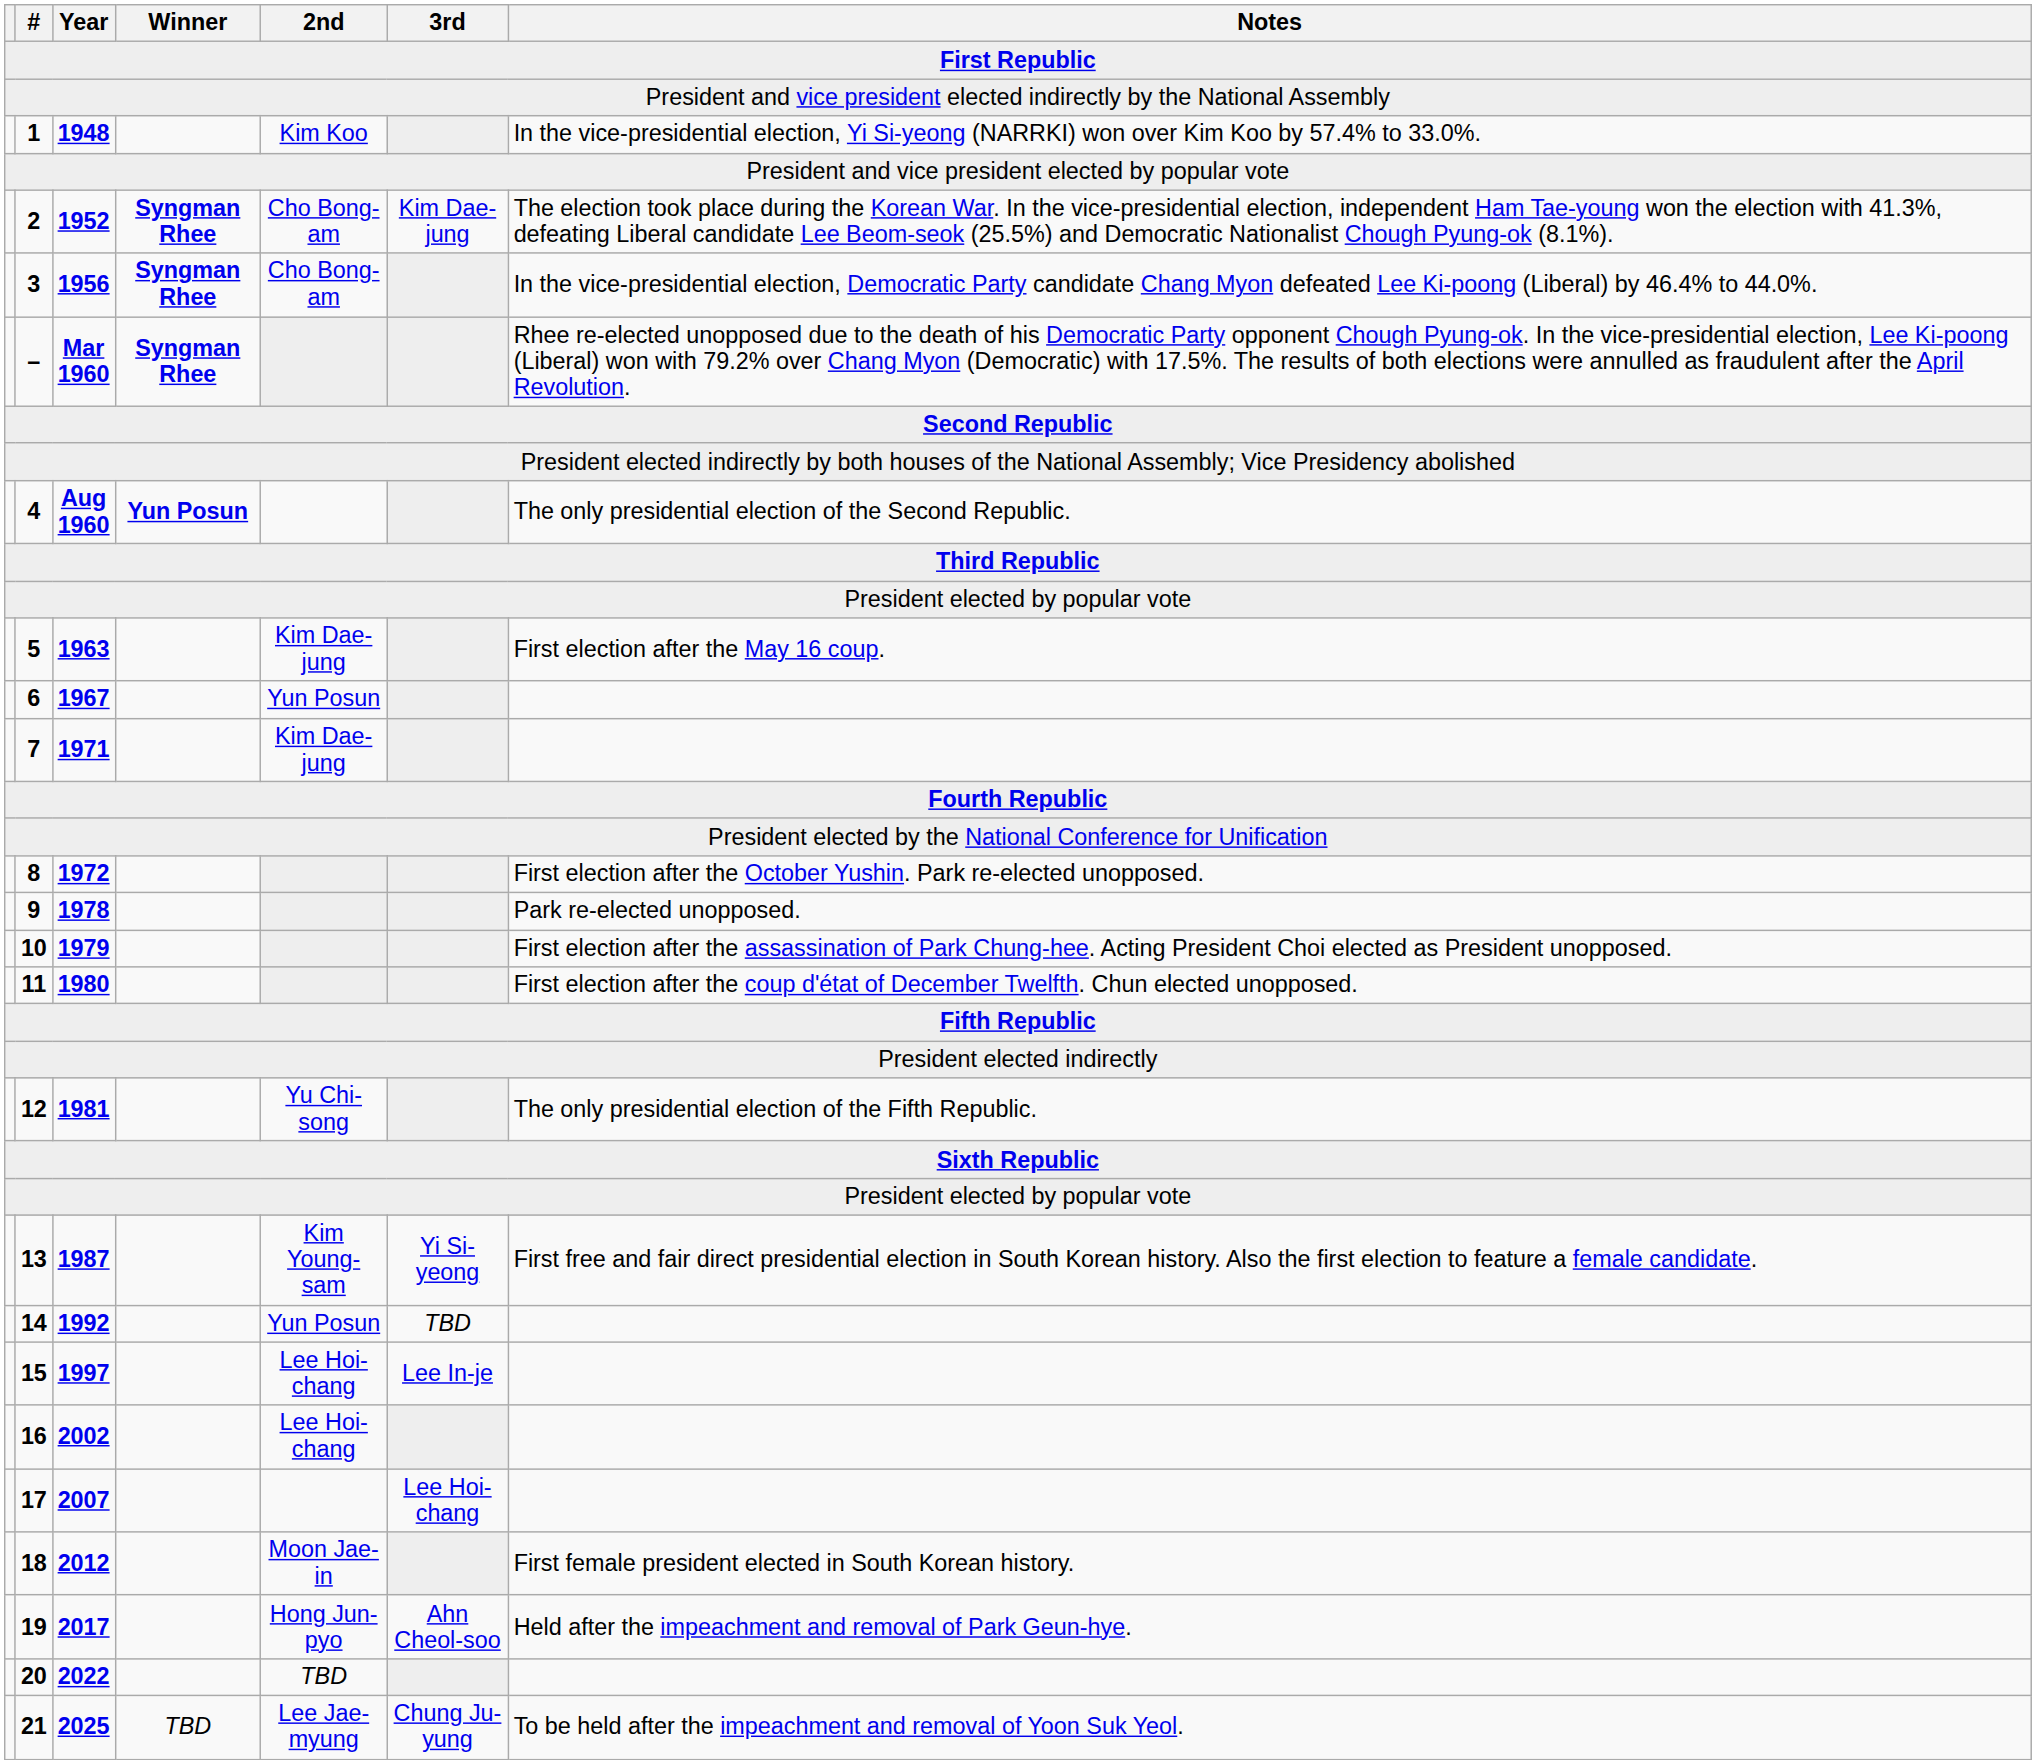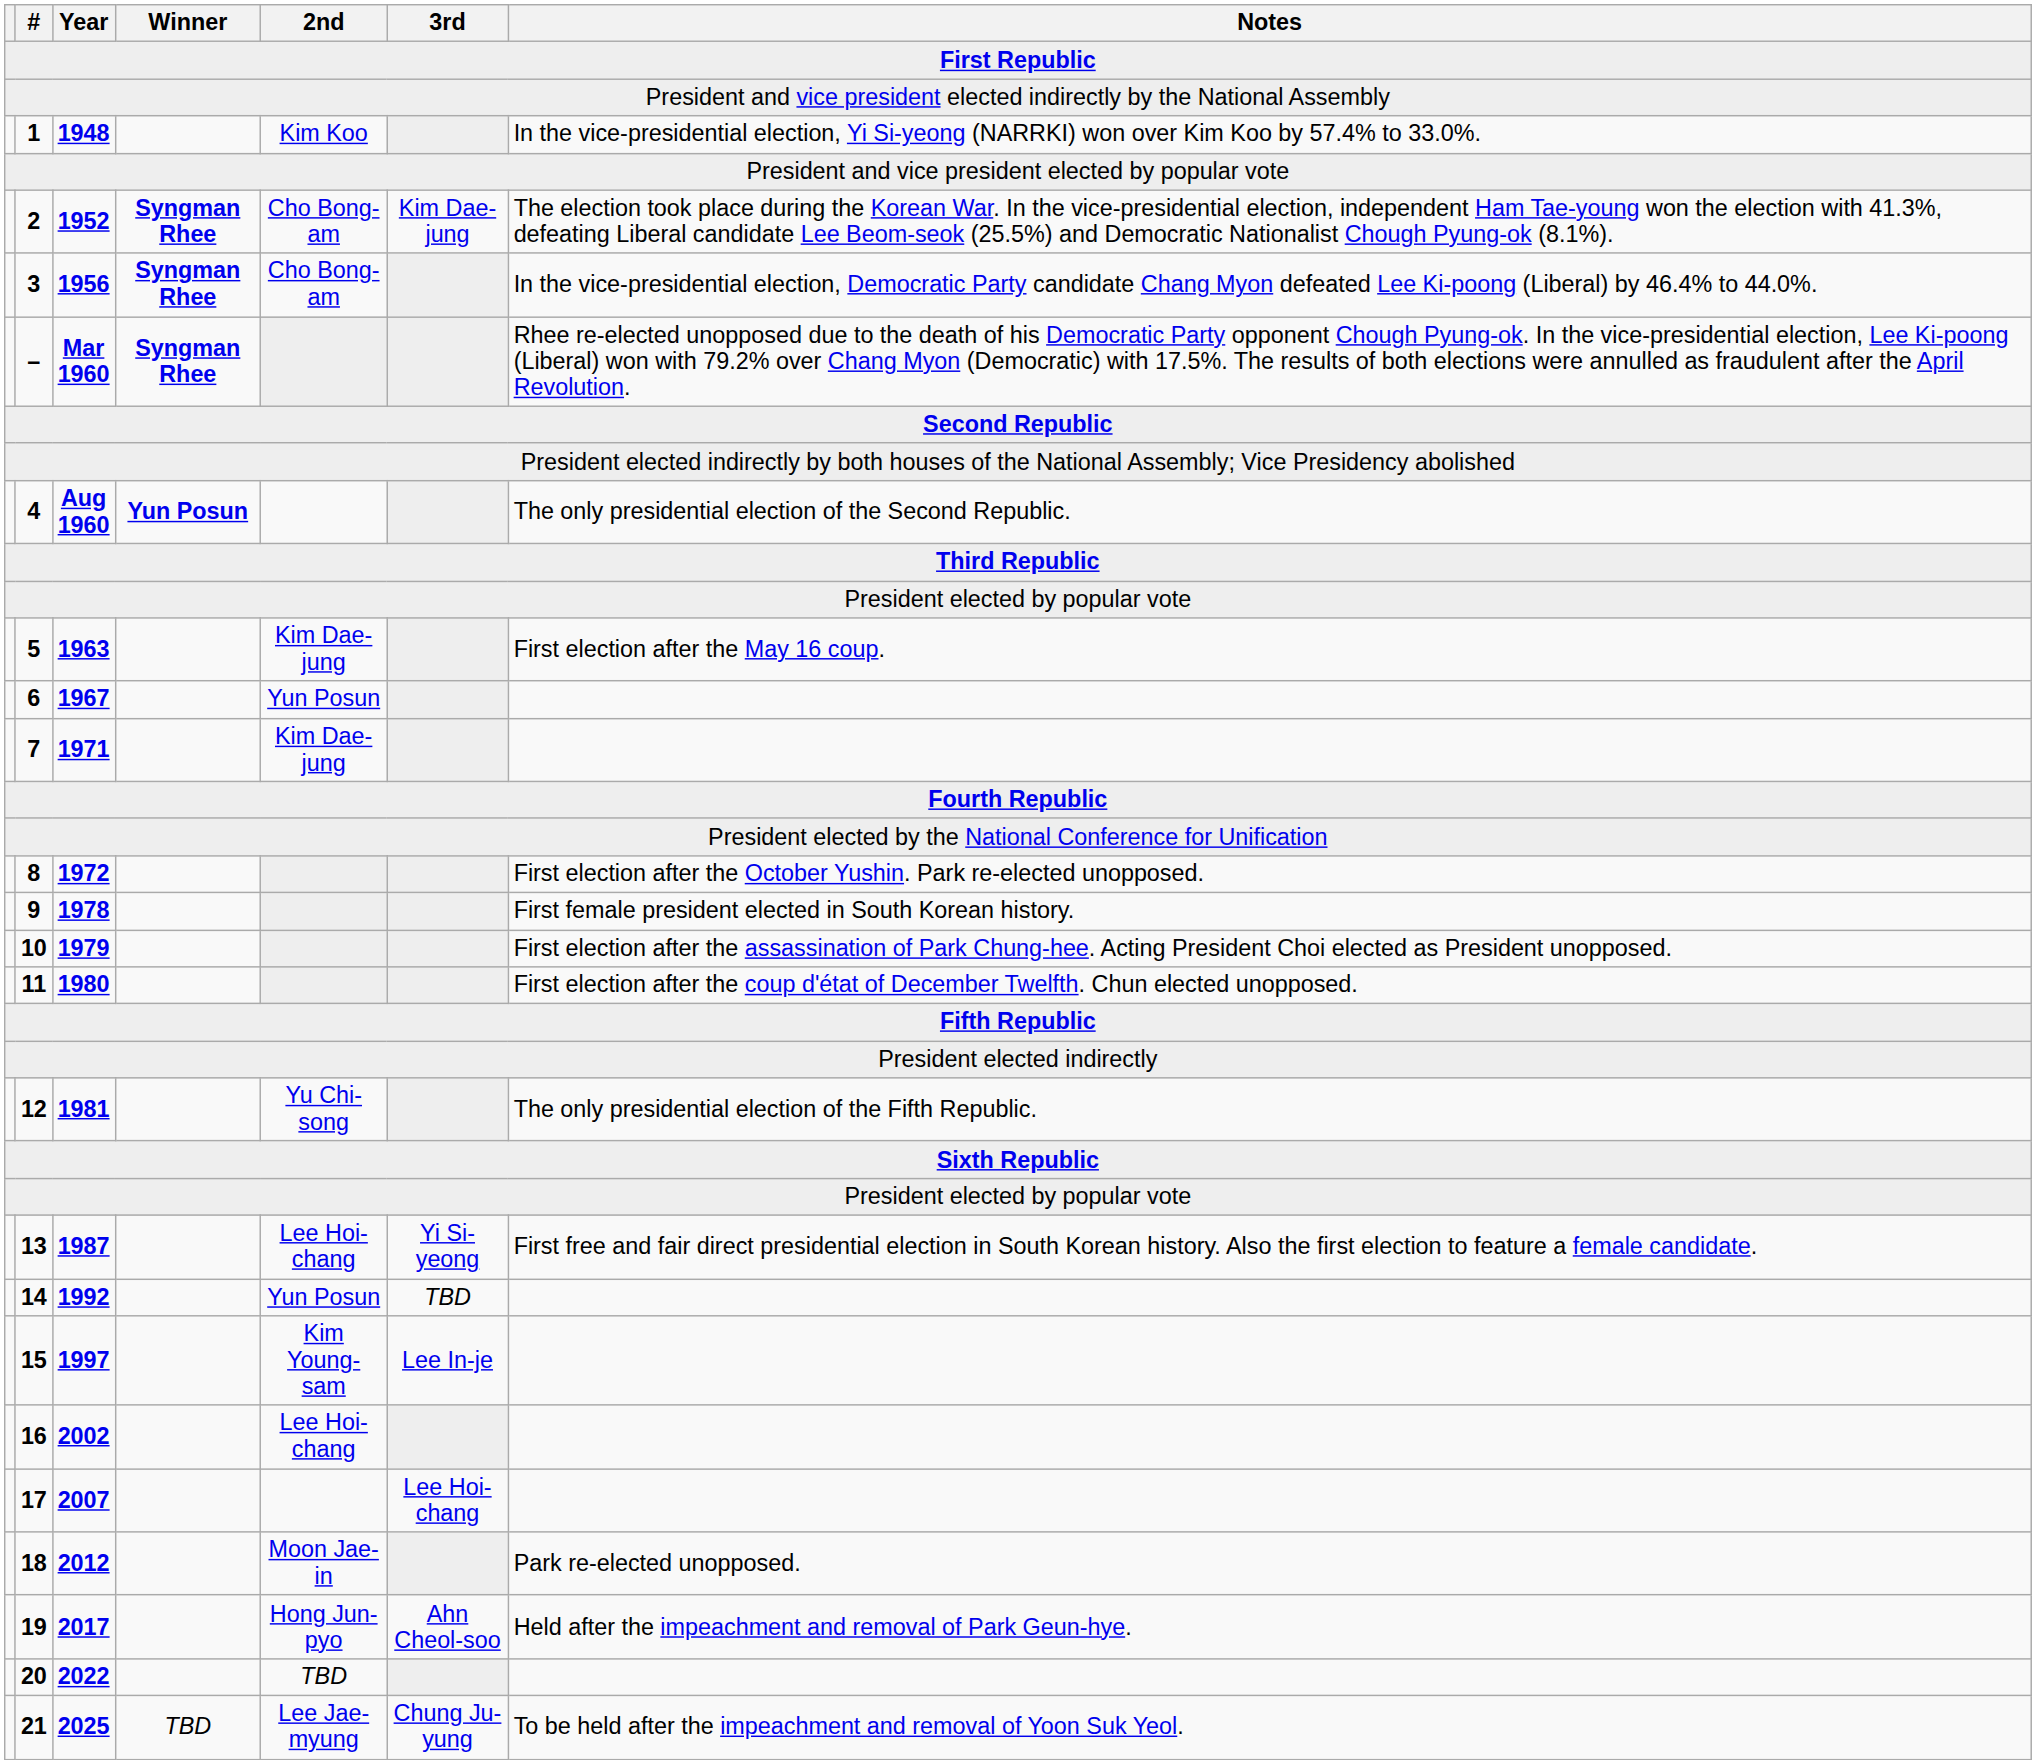 <table class="wikitable" style="text-align: center; width: 70%;">
 <tr>
 <th></th>
 <th>#</th>
 <th>Year</th>
 <th>Winner</th>
 <th>2nd</th>
 <th>3rd</th>
 <th>Notes</th>
 </tr>
 <tr>
 <td colspan="7" style="background-color: #eee;"><strong><a href='#'>First Republic</a></strong></td>
 </tr>
 <tr>
 <td colspan="7" style="background-color: #eee;"><span>President and <a href='#'>vice president</a> elected indirectly by the National Assembly</span></td>
 </tr>
 <tr>
 <td style="background-color:"></td>
 <td><strong>1</strong></td>
 <td><strong><a href='#'>1948</a></strong></td>
 <td><br></td>
 <td><a href='#'>Kim Koo</a><br></td>
 <td style="background-color: #eee;"></td>
 <td style="text-align: left;">In the vice-presidential election, <a href='#'>Yi Si-yeong</a> (NARRKI) won over Kim Koo by 57.4% to 33.0%.</td>
 </tr>
 <tr>
 <td colspan="7" style="background-color: #eee;"><span>President and vice president elected by popular vote</span></td>
 </tr>
 <tr>
 <td style="background-color:"></td>
 <td><strong>2</strong></td>
 <td><strong><a href='#'>1952</a></strong></td>
 <td><strong><a href='#'>Syngman Rhee</a></strong><br></td>
 <td><a href='#'>Cho Bong-am</a><br></td>
 <td><a href='#'>Kim Dae-jung</a><br></td>
 <td style="text-align: left;">The election took place during the <a href='#'>Korean War</a>. In the vice-presidential election, independent <a href='#'>Ham Tae-young</a> won the election with 41.3%, defeating Liberal candidate <a href='#'>Lee Beom-seok</a> (25.5%) and Democratic Nationalist <a href='#'>Chough Pyung-ok</a> (8.1%).</td>
 </tr>
 <tr>
 <td style="background-color:"></td>
 <td><strong>3</strong></td>
 <td><strong><a href='#'>1956</a></strong></td>
 <td><strong><a href='#'>Syngman Rhee</a></strong><br></td>
 <td><a href='#'>Cho Bong-am</a><br></td>
 <td style="background-color: #eee;"></td>
 <td style="text-align: left;">In the vice-presidential election, <a href='#'>Democratic Party</a> candidate <a href='#'>Chang Myon</a> defeated <a href='#'>Lee Ki-poong</a> (Liberal) by 46.4% to 44.0%.</td>
 </tr>
 <tr>
 <td style="background-color:"></td>
 <td><strong>–</strong></td>
 <td><strong><a href='#'>Mar<br>1960</a></strong></td>
 <td><strong><a href='#'>Syngman Rhee</a></strong><br></td>
 <td style="background-color: #eee;"></td>
 <td style="background-color: #eee;"></td>
 <td style="text-align: left;">Rhee re-elected unopposed due to the death of his <a href='#'>Democratic Party</a> opponent <a href='#'>Chough Pyung-ok</a>. In the vice-presidential election, <a href='#'>Lee Ki-poong</a> (Liberal) won with 79.2% over <a href='#'>Chang Myon</a> (Democratic) with 17.5%. The results of both elections were annulled as fraudulent after the <a href='#'>April Revolution</a>.</td>
 </tr>
 <tr>
 <td colspan="7" style="background-color: #eee;"><strong><a href='#'>Second Republic</a></strong></td>
 </tr>
 <tr>
 <td colspan="7" style="background-color: #eee;"><span>President elected indirectly by both houses of the National Assembly; Vice Presidency abolished</span></td>
 </tr>
 <tr>
 <td style="background-color:"></td>
 <td><strong>4</strong></td>
 <td><strong><a href='#'>Aug<br>1960</a></strong></td>
 <td><strong><a href='#'>Yun Posun</a></strong><br></td>
 <td><br></td>
 <td style="background-color: #eee;"></td>
 <td style="text-align: left;">The only presidential election of the Second Republic.</td>
 </tr>
 <tr>
 <td colspan="7" style="background-color: #eee;"><strong><a href='#'>Third Republic</a></strong></td>
 </tr>
 <tr>
 <td colspan="7" style="background-color: #eee;"><span>President elected by popular vote</span></td>
 </tr>
 <tr>
 <td style="background-color:"></td>
 <td><strong>5</strong></td>
 <td><strong><a href='#'>1963</a></strong></td>
 <td><strong></strong><br></td>
 <td><a href='#'>Kim Dae-jung</a><br></td>
 <td style="background-color: #eee;"></td>
 <td style="text-align: left;">First election after the <a href='#'>May 16 coup</a>.</td>
 </tr>
 <tr>
 <td style="background-color:"></td>
 <td><strong>6</strong></td>
 <td><strong><a href='#'>1967</a></strong></td>
 <td><strong></strong><br></td>
 <td><a href='#'>Yun Posun</a><br></td>
 <td style="background-color: #eee;"></td>
 <td style="text-align: left;"></td>
 </tr>
 <tr>
 <td style="background-color:"></td>
 <td><strong>7</strong></td>
 <td><strong><a href='#'>1971</a></strong></td>
 <td><strong></strong><br></td>
 <td><a href='#'>Kim Dae-jung</a><br></td>
 <td style="background-color: #eee;"></td>
 <td style="text-align: left;"></td>
 </tr>
 <tr>
 <td colspan="7" style="background-color: #eee;"><strong><a href='#'>Fourth Republic</a></strong></td>
 </tr>
 <tr>
 <td colspan="7" style="background-color: #eee;"><span>President elected by the <a href='#'>National Conference for Unification</a></span></td>
 </tr>
 <tr>
 <td style="background-color:"></td>
 <td><strong>8</strong></td>
 <td><strong><a href='#'>1972</a></strong></td>
 <td><strong></strong><br></td>
 <td style="background-color: #eee;"></td>
 <td style="background-color: #eee;"></td>
 <td style="text-align: left;">First election after the <a href='#'>October Yushin</a>. Park re-elected unopposed.</td>
 </tr>
 <tr>
 <td style="background-color:"></td>
 <td><strong>9</strong></td>
 <td><strong><a href='#'>1978</a></strong></td>
 <td><strong></strong><br></td>
 <td style="background-color: #eee;"></td>
 <td style="background-color: #eee;"></td>
-<td style="text-align: left;">Park re-elected unopposed.</td>
+<td style="text-align: left;">First female president elected in South Korean history.</td>
 </tr>
 <tr>
 <td style="background-color:"></td>
 <td><strong>10</strong></td>
 <td><strong><a href='#'>1979</a></strong></td>
 <td><strong></strong><br></td>
 <td style="background-color: #eee;"></td>
 <td style="background-color: #eee;"></td>
 <td style="text-align: left;">First election after the <a href='#'>assassination of Park Chung-hee</a>. Acting President Choi elected as President unopposed.</td>
 </tr>
 <tr>
 <td style="background-color:"></td>
 <td><strong>11</strong></td>
 <td><strong><a href='#'>1980</a></strong></td>
 <td><strong></strong><br></td>
 <td style="background-color: #eee;"></td>
 <td style="background-color: #eee;"></td>
 <td style="text-align: left;">First election after the <a href='#'>coup d'état of December Twelfth</a>. Chun elected unopposed.</td>
 </tr>
 <tr>
 <td colspan="7" style="background-color: #eee;"><strong><a href='#'>Fifth Republic</a></strong></td>
 </tr>
 <tr>
 <td colspan="7" style="background-color: #eee;"><span>President elected indirectly</span></td>
 </tr>
 <tr>
 <td style="background-color:"></td>
 <td><strong>12</strong></td>
 <td><strong><a href='#'>1981</a></strong></td>
 <td><strong></strong><br></td>
 <td><a href='#'>Yu Chi-song</a><br></td>
 <td style="background-color: #eee;"></td>
 <td style="text-align: left;">The only presidential election of the Fifth Republic.</td>
 </tr>
 <tr>
 <td colspan="7" style="background-color: #eee;"><strong><a href='#'>Sixth Republic</a></strong></td>
 </tr>
 <tr>
 <td colspan="7" style="background-color: #eee;"><span>President elected by popular vote</span></td>
 </tr>
 <tr>
 <td style="background-color:"></td>
 <td><strong>13</strong></td>
 <td><strong><a href='#'>1987</a></strong></td>
 <td><strong></strong><br></td>
-<td><a href='#'>Kim Young-sam</a><br></td>
+<td><a href='#'>Lee Hoi-chang</a><br></td>
 <td><a href='#'>Yi Si-yeong</a><br></td>
 <td style="text-align: left;">First free and fair direct presidential election in South Korean history. Also the first election to feature a <a href='#'>female candidate</a>.</td>
 </tr>
 <tr>
 <td style="background-color:"></td>
 <td><strong>14</strong></td>
 <td><strong><a href='#'>1992</a></strong></td>
 <td><strong></strong><br></td>
 <td><a href='#'>Yun Posun</a><br></td>
 <td><em>TBD</em></td>
 <td style="text-align: left;"></td>
 </tr>
 <tr>
 <td style="background-color:"></td>
 <td><strong>15</strong></td>
 <td><strong><a href='#'>1997</a></strong></td>
 <td><strong></strong><br></td>
-<td><a href='#'>Lee Hoi-chang</a><br></td>
+<td><a href='#'>Kim Young-sam</a><br></td>
 <td><a href='#'>Lee In-je</a><br></td>
 <td style="text-align: left;"></td>
 </tr>
 <tr>
 <td style="background-color:"></td>
 <td><strong>16</strong></td>
 <td><strong><a href='#'>2002</a></strong></td>
 <td><strong></strong><br></td>
 <td><a href='#'>Lee Hoi-chang</a><br></td>
 <td style="background-color: #eee;"></td>
 <td style="text-align: left;"></td>
 </tr>
 <tr>
 <td style="background-color:"></td>
 <td><strong>17</strong></td>
 <td><strong><a href='#'>2007</a></strong></td>
 <td><strong></strong><br></td>
 <td><br></td>
 <td><a href='#'>Lee Hoi-chang</a><br></td>
 <td style="text-align: left;"></td>
 </tr>
 <tr>
 <td style="background-color:"></td>
 <td><strong>18</strong></td>
 <td><strong><a href='#'>2012</a></strong></td>
 <td><strong></strong><br></td>
 <td><a href='#'>Moon Jae-in</a><br></td>
 <td style="background-color: #eee;"></td>
-<td style="text-align: left;">First female president elected in South Korean history.</td>
+<td style="text-align: left;">Park re-elected unopposed.</td>
 </tr>
 <tr>
 <td style="background-color:"></td>
 <td><strong>19</strong></td>
 <td><strong><a href='#'>2017</a></strong></td>
 <td><strong></strong><br></td>
 <td><a href='#'>Hong Jun-pyo</a><br></td>
 <td><a href='#'>Ahn Cheol-soo</a><br></td>
 <td style="text-align: left;">Held after the <a href='#'>impeachment and removal of Park Geun-hye</a>.</td>
 </tr>
 <tr>
 <td style="background-color:"></td>
 <td><strong>20</strong></td>
 <td><strong><a href='#'>2022</a></strong></td>
 <td><strong></strong><br></td>
 <td><em>TBD</em></td>
 <td style="background-color: #eee;"></td>
 <td style="text-align: left;"></td>
 </tr>
 <tr>
 <td></td>
 <td><strong>21</strong></td>
 <td><strong><a href='#'>2025</a></strong></td>
 <td><em>TBD</em></td>
 <td><a href='#'>Lee Jae-myung</a><br></td>
 <td><a href='#'>Chung Ju-yung</a><br></td>
 <td style="text-align: left;">To be held after the <a href='#'>impeachment and removal of Yoon Suk Yeol</a>.</td>
 </tr>
 </table>
